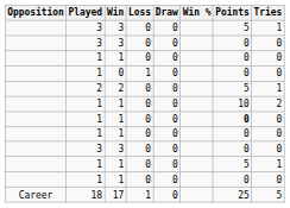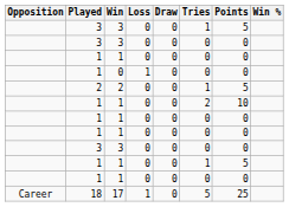 <table class="wikitable sortable" style="font-size: 95%; text-align: right;">
 <tr>
 <th>Opposition</th>
 <th>Played</th>
 <th>Win</th>
 <th>Loss</th>
 <th>Draw</th>
+<th>Tries</th>
+<th>Points</th>
 <th>Win %</th>
-<th>Points</th>
-<th>Tries</th>
 </tr>
 <tr>
 <td style="text-align:left;"></td>
 <td>3</td>
 <td>3</td>
 <td>0</td>
 <td>0</td>
+<td>1</td>
+<td>5</td>
 <td></td>
-<td>5</td>
-<td>1</td>
 </tr>
 <tr>
 <td style="text-align:left;"></td>
 <td>3</td>
 <td>3</td>
 <td>0</td>
 <td>0</td>
-<td></td>
 <td>0</td>
 <td>0</td>
+<td></td>
 </tr>
 <tr>
 <td style="text-align:left;"></td>
 <td>1</td>
 <td>1</td>
 <td>0</td>
 <td>0</td>
-<td></td>
 <td>0</td>
 <td>0</td>
+<td></td>
 </tr>
 <tr>
 <td style="text-align:left;"></td>
 <td>1</td>
 <td>0</td>
 <td>1</td>
 <td>0</td>
-<td></td>
 <td>0</td>
 <td>0</td>
+<td></td>
 </tr>
 <tr>
 <td style="text-align:left;"></td>
 <td>2</td>
 <td>2</td>
 <td>0</td>
 <td>0</td>
+<td>1</td>
+<td>5</td>
 <td></td>
-<td>5</td>
-<td>1</td>
 </tr>
 <tr>
 <td style="text-align:left;"></td>
 <td>1</td>
 <td>1</td>
 <td>0</td>
 <td>0</td>
+<td>2</td>
+<td>10</td>
 <td></td>
-<td>10</td>
-<td>2</td>
 </tr>
 <tr>
 <td style="text-align:left;"></td>
 <td>1</td>
 <td>1</td>
 <td>0</td>
 <td>0</td>
+<td>0</td>
+<td>0</td>
 <td></td>
-<td><strong>0</strong></td>
-<td>0</td>
 </tr>
 <tr>
 <td style="text-align:left;"></td>
 <td>1</td>
 <td>1</td>
 <td>0</td>
 <td>0</td>
-<td></td>
 <td>0</td>
 <td>0</td>
+<td></td>
 </tr>
 <tr>
 <td style="text-align:left;"></td>
 <td>3</td>
 <td>3</td>
 <td>0</td>
 <td>0</td>
-<td></td>
 <td>0</td>
 <td>0</td>
+<td></td>
 </tr>
 <tr>
 <td style="text-align:left;"></td>
 <td>1</td>
 <td>1</td>
 <td>0</td>
 <td>0</td>
+<td>1</td>
+<td>5</td>
 <td></td>
-<td>5</td>
-<td>1</td>
 </tr>
 <tr>
 <td style="text-align:left;"></td>
 <td>1</td>
 <td>1</td>
 <td>0</td>
 <td>0</td>
-<td></td>
 <td>0</td>
 <td>0</td>
+<td></td>
 </tr>
 <tr class="sortbottom">
 <td style="text-align:center;">Career</td>
 <td>18</td>
 <td>17</td>
 <td>1</td>
 <td>0</td>
+<td>5</td>
+<td>25</td>
 <td></td>
-<td>25</td>
-<td>5</td>
 </tr>
 </table>
